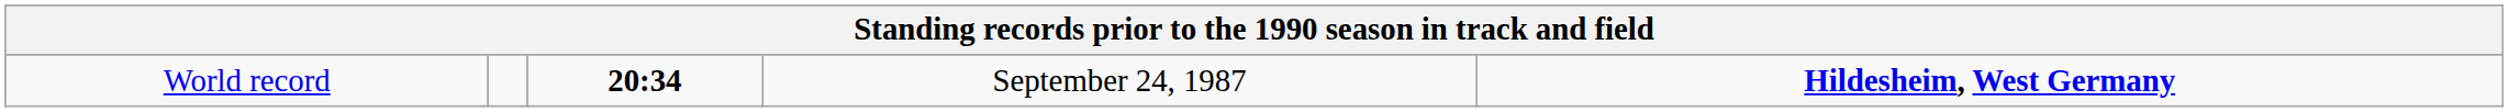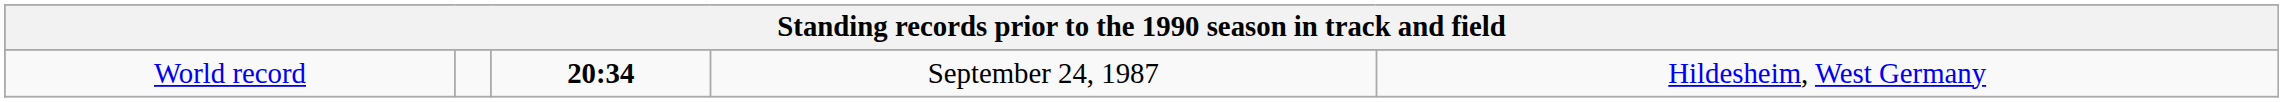 <table class="wikitable" style="text-align:center; width:100%">
 <tr>
 <th colspan="5">Standing records prior to the 1990 season in track and field</th>
 </tr>
 <tr>
 <td><a href='#'>World record</a></td>
 <td></td>
 <td><strong>20:34</strong></td>
 <td>September 24, 1987</td>
-<td><strong> <a href='#'>Hildesheim</a>, <a href='#'>West Germany</a></strong></td>
+<td> <a href='#'>Hildesheim</a>, <a href='#'>West Germany</a></td>
 </tr>
 </table>
